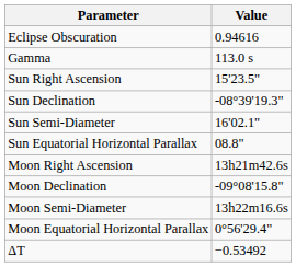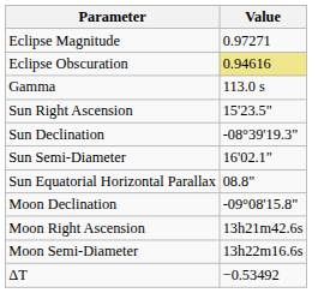 <table class="wikitable">
 <tr>
 <th>Parameter</th>
 <th>Value</th>
 </tr>
 <tr>
+<td>Eclipse Magnitude</td>
+<td>0.97271</td>
+</tr>
+<tr>
 <td>Eclipse Obscuration</td>
-<td>0.94616</td>
+<td style="background: khaki;">0.94616</td>
 </tr>
 <tr>
 <td>Gamma</td>
 <td>113.0 s</td>
 </tr>
 <tr>
 <td>Sun Right Ascension</td>
 <td>15'23.5"</td>
 </tr>
 <tr>
 <td>Sun Declination</td>
 <td>-08°39'19.3"</td>
 </tr>
 <tr>
 <td>Sun Semi-Diameter</td>
 <td>16'02.1"</td>
 </tr>
 <tr>
 <td>Sun Equatorial Horizontal Parallax</td>
 <td>08.8"</td>
 </tr>
 <tr>
+<td>Moon Declination</td>
+<td>-09°08'15.8"</td>
+</tr>
+<tr>
 <td>Moon Right Ascension</td>
 <td>13h21m42.6s</td>
-</tr>
-<tr>
-<td>Moon Declination</td>
-<td>-09°08'15.8"</td>
 </tr>
 <tr>
 <td>Moon Semi-Diameter</td>
 <td>13h22m16.6s</td>
 </tr>
 <tr>
-<td>Moon Equatorial Horizontal Parallax</td>
-<td>0°56'29.4"</td>
-</tr>
-<tr>
 <td>ΔT</td>
 <td>−0.53492</td>
 </tr>
 </table>
